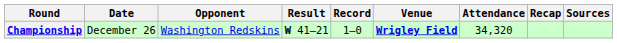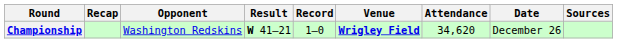 <table class="wikitable" style="text-align:center">
 <tr>
 <th>Round</th>
-<th>Date</th>
+<th>Recap</th>
 <th>Opponent</th>
 <th>Result</th>
 <th>Record</th>
 <th>Venue</th>
 <th>Attendance</th>
-<th>Recap</th>
+<th>Date</th>
 <th>Sources</th>
 </tr>
 <tr style="background: #cfc;">
 <th><a href='#'>Championship</a></th>
-<td>December 26</td>
+<td></td>
 <td><a href='#'>Washington Redskins</a></td>
 <td><strong>W</strong> 41–21</td>
 <td>1–0</td>
 <td><strong><a href='#'>Wrigley Field</a></strong></td>
-<td>34,320</td>
-<td></td>
+<td>34,620</td>
+<td>December 26</td>
 <td></td>
 </tr>
 </table>
